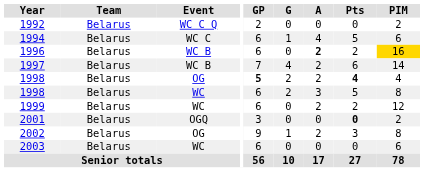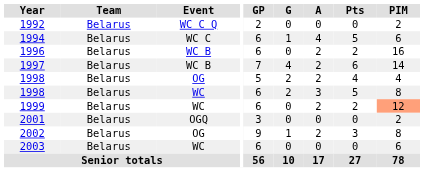 <table border="0" cellpadding="1" cellspacing="0" style="text-align:center; width:40em">
 <tr bgcolor="#e0e0e0">
 <th>Year</th>
 <th>Team</th>
 <th>Event</th>
 <th rowspan="99" bgcolor="#ffffff"></th>
 <th>GP</th>
 <th>G</th>
 <th>A</th>
 <th>Pts</th>
 <th>PIM</th>
 </tr>
 <tr>
 <td><a href='#'>1992</a></td>
 <td><a href='#'>Belarus</a></td>
 <td><a href='#'>WC C Q</a></td>
 <td>2</td>
 <td>0</td>
 <td>0</td>
 <td>0</td>
 <td>2</td>
 </tr>
 <tr bgcolor="#f0f0f0">
 <td><a href='#'>1994</a></td>
 <td>Belarus</td>
 <td>WC C</td>
 <td>6</td>
 <td>1</td>
 <td>4</td>
 <td>5</td>
 <td>6</td>
 </tr>
 <tr>
 <td><a href='#'>1996</a></td>
 <td>Belarus</td>
 <td><a href='#'>WC B</a></td>
 <td>6</td>
 <td>0</td>
-<td><strong>2</strong></td>
 <td>2</td>
-<td style="background: gold;">16</td>
+<td>2</td>
+<td>16</td>
 </tr>
 <tr bgcolor="#f0f0f0">
 <td><a href='#'>1997</a></td>
 <td>Belarus</td>
 <td>WC B</td>
 <td>7</td>
 <td>4</td>
 <td>2</td>
 <td>6</td>
 <td>14</td>
 </tr>
 <tr>
 <td><a href='#'>1998</a></td>
 <td>Belarus</td>
 <td><a href='#'>OG</a></td>
-<td><strong>5</strong></td>
+<td>5</td>
 <td>2</td>
 <td>2</td>
-<td><strong>4</strong></td>
+<td>4</td>
 <td>4</td>
 </tr>
 <tr bgcolor="#f0f0f0">
 <td><a href='#'>1998</a></td>
 <td>Belarus</td>
 <td><a href='#'>WC</a></td>
 <td>6</td>
 <td>2</td>
 <td>3</td>
 <td>5</td>
 <td>8</td>
 </tr>
 <tr>
 <td><a href='#'>1999</a></td>
 <td>Belarus</td>
 <td>WC</td>
 <td>6</td>
 <td>0</td>
 <td>2</td>
 <td>2</td>
-<td>12</td>
+<td style="background: lightsalmon;">12</td>
 </tr>
 <tr bgcolor="#f0f0f0">
 <td><a href='#'>2001</a></td>
 <td>Belarus</td>
 <td>OGQ</td>
 <td>3</td>
 <td>0</td>
 <td>0</td>
-<td><strong>0</strong></td>
+<td>0</td>
 <td>2</td>
 </tr>
 <tr>
 <td><a href='#'>2002</a></td>
 <td>Belarus</td>
 <td>OG</td>
 <td>9</td>
 <td>1</td>
 <td>2</td>
 <td>3</td>
 <td>8</td>
 </tr>
 <tr bgcolor="#f0f0f0">
 <td><a href='#'>2003</a></td>
 <td>Belarus</td>
 <td>WC</td>
 <td>6</td>
 <td>0</td>
 <td>0</td>
 <td>0</td>
 <td>6</td>
 </tr>
 <tr bgcolor="#e0e0e0">
 <th colspan="3">Senior totals</th>
 <th>56</th>
 <th>10</th>
 <th>17</th>
 <th>27</th>
 <th>78</th>
 </tr>
 </table>
